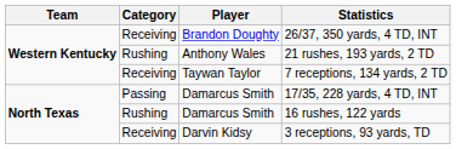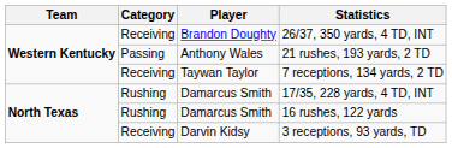 <table class="wikitable" style="float: left;">
 <tr>
 <th>Team</th>
 <th>Category</th>
 <th>Player</th>
 <th>Statistics</th>
 </tr>
 <tr>
 <td rowspan=3><strong>Western Kentucky</strong></td>
 <td>Receiving</td>
 <td><a href='#'>Brandon Doughty</a></td>
 <td>26/37, 350 yards, 4 TD, INT</td>
 </tr>
 <tr>
-<td>Rushing</td>
+<td>Passing</td>
 <td>Anthony Wales</td>
 <td>21 rushes, 193 yards, 2 TD</td>
 </tr>
 <tr>
 <td>Receiving</td>
 <td>Taywan Taylor</td>
 <td>7 receptions, 134 yards, 2 TD</td>
 </tr>
 <tr>
 <td rowspan=3><strong>North Texas</strong></td>
-<td>Passing</td>
+<td>Rushing</td>
 <td>Damarcus Smith</td>
 <td>17/35, 228 yards, 4 TD, INT</td>
 </tr>
 <tr>
 <td>Rushing</td>
 <td>Damarcus Smith</td>
 <td>16 rushes, 122 yards</td>
 </tr>
 <tr>
 <td>Receiving</td>
 <td>Darvin Kidsy</td>
 <td>3 receptions, 93 yards, TD</td>
 </tr>
 </table>
